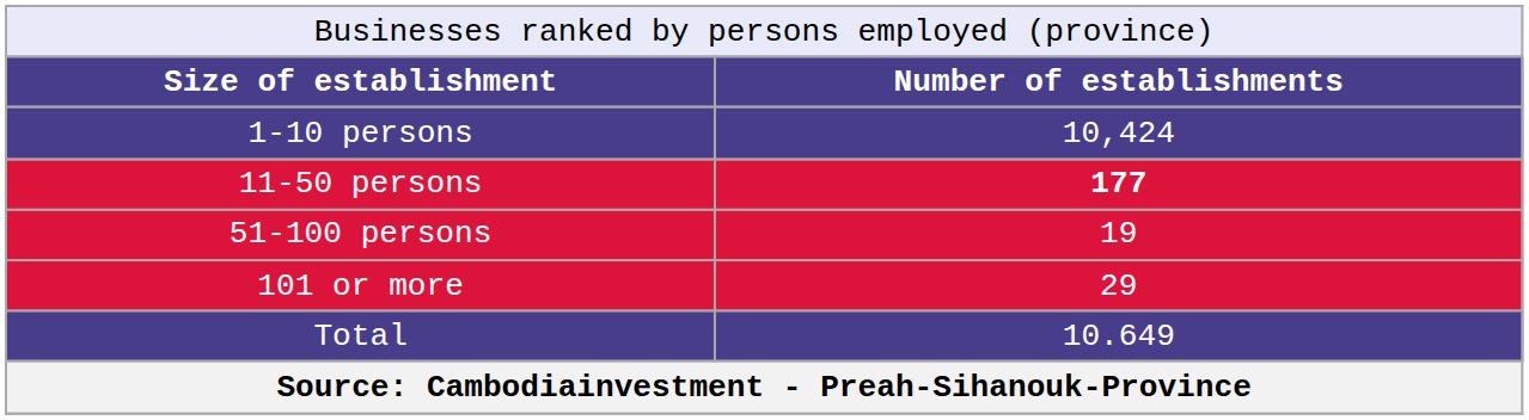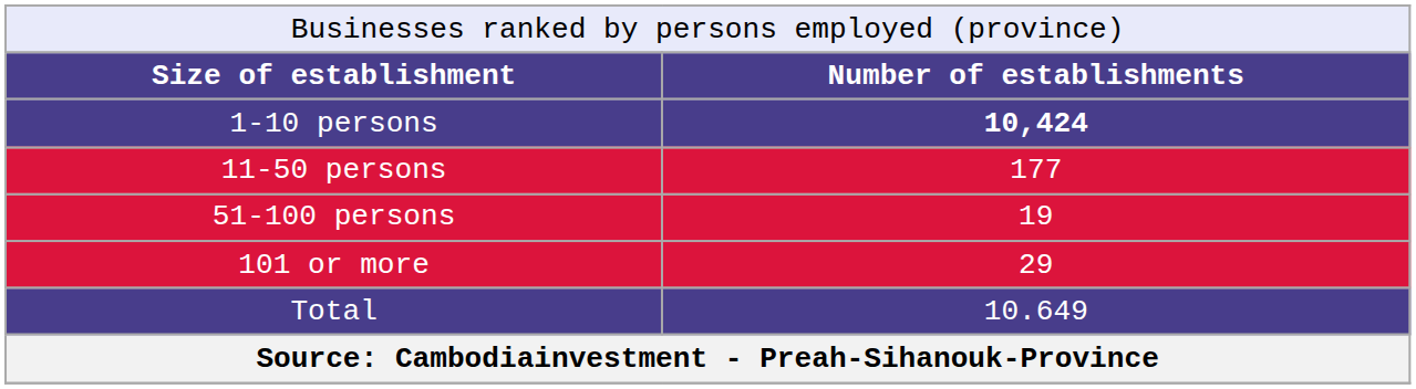 <table class="wikitable" style="text-align:center; width:50%">
 <tr>
 <td colspan="22" style="text-align:center;font-size:100%; font-style:bold;background:#E8EAFA;">Businesses ranked by persons employed (province)</td>
 </tr>
 <tr>
 <th style="text-align:center; background:#483d8b; color:#fff;">Size of establishment</th>
 <th style="text-align:center; background:#483d8b; color:#fff;">Number of establishments</th>
 </tr>
 <tr>
 <td style="text-align:center; background:#483d8b; color:#fff;">1-10 persons</td>
-<td style="text-align:center; background:#483d8b; color:#fff;">10,424</td>
+<td style="text-align:center; background:#483d8b; color:#fff;"><strong>10,424</strong></td>
 </tr>
 <tr>
 <td style="text-align:center; background:#dc143c; color:#fff;">11-50 persons</td>
-<td style="text-align:center; background:#dc143c; color:#fff;"><strong>177</strong></td>
+<td style="text-align:center; background:#dc143c; color:#fff;">177</td>
 </tr>
 <tr>
 <td style="text-align:center; background:#dc143c; color:#fff;">51-100 persons</td>
 <td style="text-align:center; background:#dc143c; color:#fff;">19</td>
 </tr>
 <tr>
 <td style="text-align:center; background:#dc143c; color:#fff;">101 or more</td>
 <td style="text-align:center; background:#dc143c; color:#fff;">29</td>
 </tr>
 <tr>
 <td style="text-align:center; background:#483d8b; color:#fff;">Total</td>
 <td style="text-align:center; background:#483d8b; color:#fff;">10.649</td>
 </tr>
 <tr>
 <th colspan="5">Source: Cambodiainvestment - Preah-Sihanouk-Province</th>
 </tr>
 <tr>
 </tr>
 </table>
